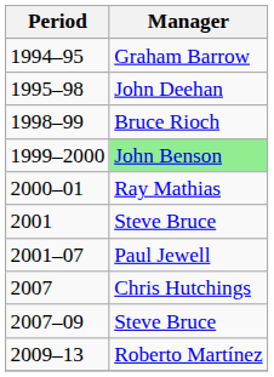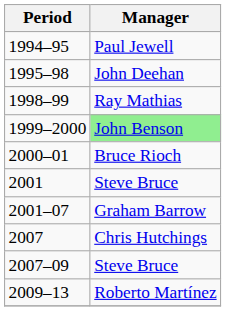 <table class="wikitable">
 <tr>
 <th>Period</th>
 <th>Manager</th>
 </tr>
 <tr>
 <td>1994–95</td>
-<td> <a href='#'>Graham Barrow</a></td>
+<td> <a href='#'>Paul Jewell</a></td>
 </tr>
 <tr>
 <td>1995–98</td>
 <td> <a href='#'>John Deehan</a></td>
 </tr>
 <tr>
 <td>1998–99</td>
-<td> <a href='#'>Bruce Rioch</a></td>
+<td> <a href='#'>Ray Mathias</a></td>
 </tr>
 <tr>
 <td>1999–2000</td>
 <td style="background: lightgreen;"> <a href='#'>John Benson</a></td>
 </tr>
 <tr>
 <td>2000–01</td>
-<td> <a href='#'>Ray Mathias</a></td>
+<td> <a href='#'>Bruce Rioch</a></td>
 </tr>
 <tr>
 <td>2001</td>
 <td> <a href='#'>Steve Bruce</a></td>
 </tr>
 <tr>
 <td>2001–07</td>
-<td> <a href='#'>Paul Jewell</a></td>
+<td> <a href='#'>Graham Barrow</a></td>
 </tr>
 <tr>
 <td>2007</td>
 <td> <a href='#'>Chris Hutchings</a></td>
 </tr>
 <tr>
 <td>2007–09</td>
 <td> <a href='#'>Steve Bruce</a></td>
 </tr>
 <tr>
 <td>2009–13</td>
 <td> <a href='#'>Roberto Martínez</a></td>
 </tr>
 <tr>
 </tr>
 </table>
